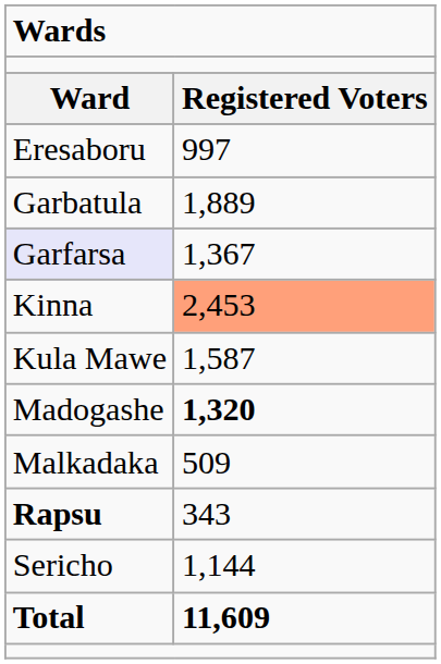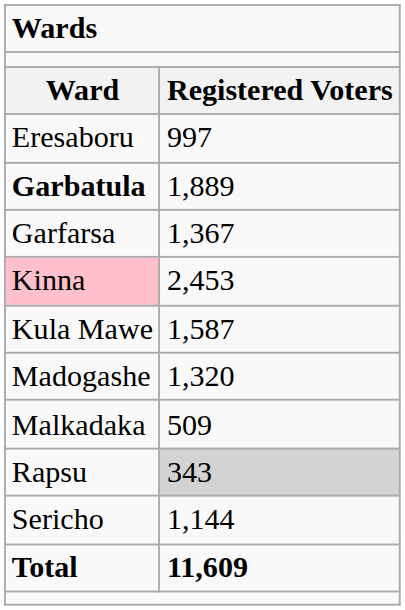 <table class="wikitable">
 <tr>
 <td colspan="2"><strong>Wards</strong></td>
 </tr>
 <tr>
 <td colspan="2"></td>
 </tr>
 <tr>
 <th>Ward</th>
 <th>Registered Voters</th>
 </tr>
 <tr>
 <td>Eresaboru</td>
 <td>997</td>
 </tr>
 <tr>
-<td>Garbatula</td>
+<td><strong>Garbatula</strong></td>
 <td>1,889</td>
 </tr>
 <tr>
-<td style="background: lavender;">Garfarsa</td>
+<td>Garfarsa</td>
 <td>1,367</td>
 </tr>
 <tr>
-<td>Kinna</td>
-<td style="background: lightsalmon;">2,453</td>
+<td style="background: pink;">Kinna</td>
+<td>2,453</td>
 </tr>
 <tr>
 <td>Kula Mawe</td>
 <td>1,587</td>
 </tr>
 <tr>
 <td>Madogashe</td>
-<td><strong>1,320</strong></td>
+<td>1,320</td>
 </tr>
 <tr>
 <td>Malkadaka</td>
 <td>509</td>
 </tr>
 <tr>
-<td><strong>Rapsu</strong></td>
-<td>343</td>
+<td>Rapsu</td>
+<td style="background: lightgrey;">343</td>
 </tr>
 <tr>
 <td>Sericho</td>
 <td>1,144</td>
 </tr>
 <tr>
 <td><strong>Total</strong></td>
 <td><strong>11,609</strong></td>
 </tr>
 <tr>
 <td colspan="2"></td>
 </tr>
 </table>
